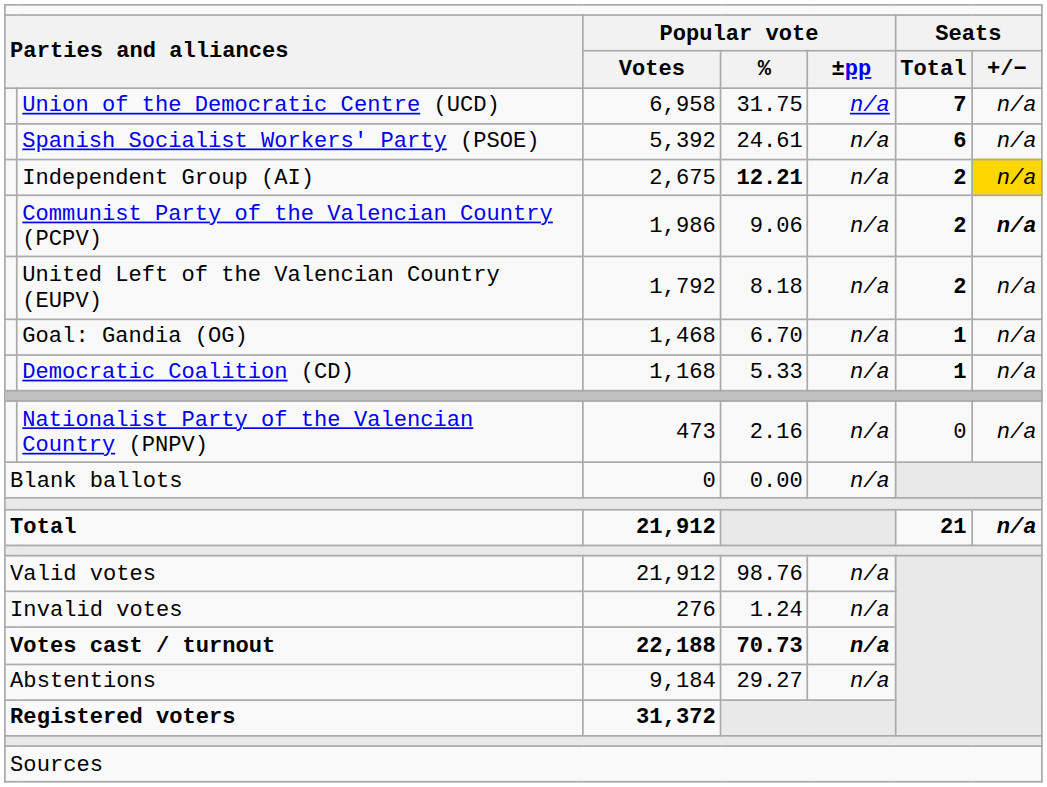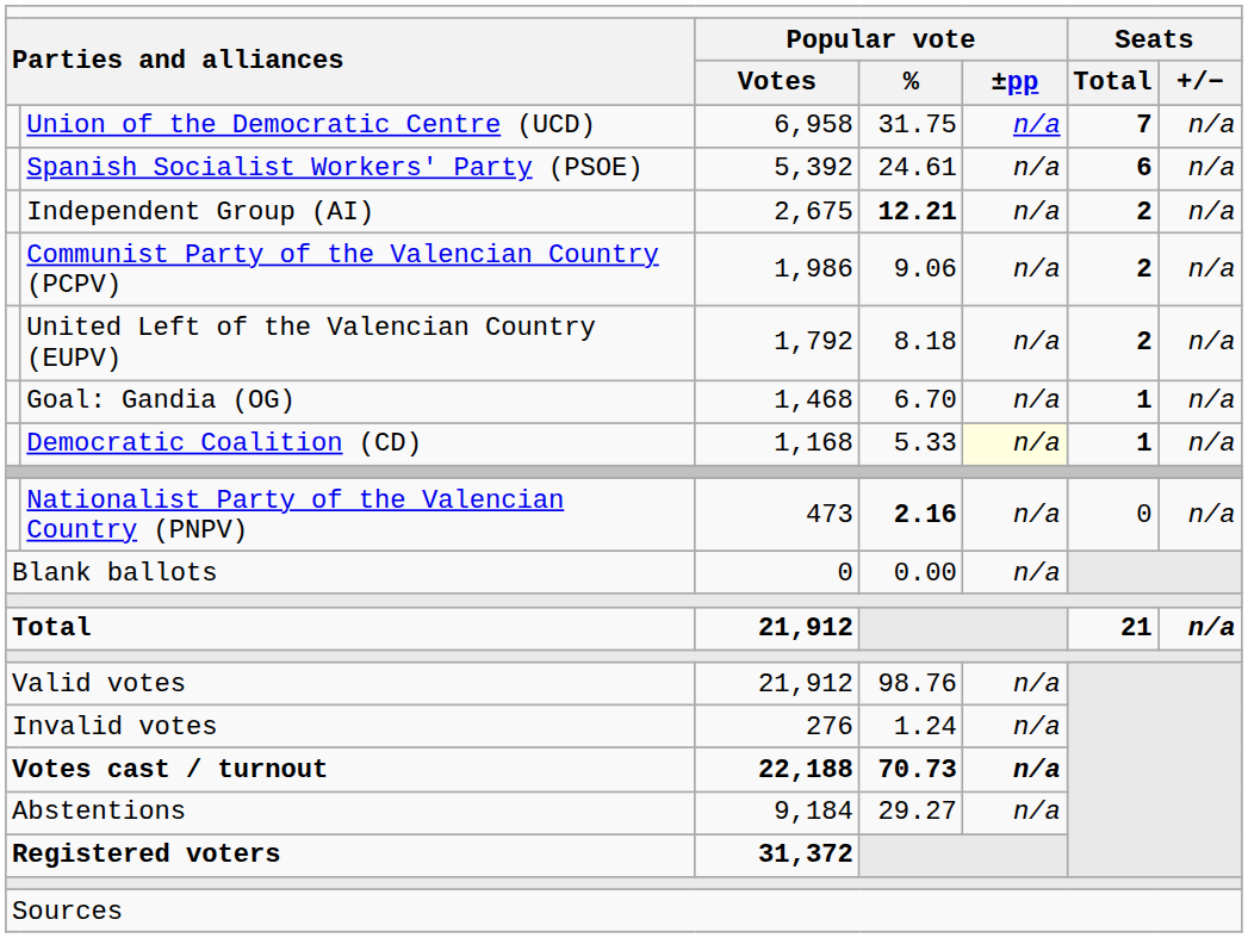 <table class="wikitable" style="text-align:right;">
 <tr>
 <td colspan="7"></td>
 </tr>
 <tr>
 <th style="text-align:left;" rowspan="2" colspan="2" width="525">Parties and alliances</th>
 <th colspan="3">Popular vote</th>
 <th colspan="2">Seats</th>
 </tr>
 <tr>
 <th width="75">Votes</th>
 <th width="45">%</th>
 <th width="45">±<a href='#'>pp</a></th>
 <th width="35">Total</th>
 <th width="35">+/−</th>
 </tr>
 <tr>
 <td width="1" style="color:inherit;background:"></td>
 <td align="left"><a href='#'>Union of the Democratic Centre</a> (UCD)</td>
 <td>6,958</td>
 <td>31.75</td>
 <td><em><a href='#'>n/a</a></em></td>
 <td><strong>7</strong></td>
 <td><em>n/a</em></td>
 </tr>
 <tr>
 <td style="color:inherit;background:"></td>
 <td align="left"><a href='#'>Spanish Socialist Workers' Party</a> (PSOE)</td>
 <td>5,392</td>
 <td>24.61</td>
 <td><em>n/a</em></td>
 <td><strong>6</strong></td>
 <td><em>n/a</em></td>
 </tr>
 <tr>
 <td style="color:inherit;background:"></td>
 <td align="left">Independent Group (AI)</td>
 <td>2,675</td>
 <td><strong>12.21</strong></td>
 <td><em>n/a</em></td>
 <td><strong>2</strong></td>
-<td style="background: gold;"><em>n/a</em></td>
+<td><em>n/a</em></td>
 </tr>
 <tr>
 <td style="color:inherit;background:"></td>
 <td align="left"><a href='#'>Communist Party of the Valencian Country</a> (PCPV)</td>
 <td>1,986</td>
 <td>9.06</td>
 <td><em>n/a</em></td>
 <td><strong>2</strong></td>
-<td><strong><em>n/a</em></strong></td>
+<td><em>n/a</em></td>
 </tr>
 <tr>
 <td style="color:inherit;background:"></td>
 <td align="left">United Left of the Valencian Country (EUPV)</td>
 <td>1,792</td>
 <td>8.18</td>
 <td><em>n/a</em></td>
 <td><strong>2</strong></td>
 <td><em>n/a</em></td>
 </tr>
 <tr>
 <td style="color:inherit;background:"></td>
 <td align="left">Goal: Gandia (OG)</td>
 <td>1,468</td>
 <td>6.70</td>
 <td><em>n/a</em></td>
 <td><strong>1</strong></td>
 <td><em>n/a</em></td>
 </tr>
 <tr>
 <td style="color:inherit;background:"></td>
 <td align="left"><a href='#'>Democratic Coalition</a> (CD)</td>
 <td>1,168</td>
 <td>5.33</td>
-<td><em>n/a</em></td>
+<td style="background: lightyellow;"><em>n/a</em></td>
 <td><strong>1</strong></td>
 <td><em>n/a</em></td>
 </tr>
 <tr>
 <td colspan="7" bgcolor="#C0C0C0"></td>
 </tr>
 <tr>
 <td style="color:inherit;background:"></td>
 <td align="left"><a href='#'>Nationalist Party of the Valencian Country</a> (PNPV)</td>
 <td>473</td>
-<td>2.16</td>
+<td><strong>2.16</strong></td>
 <td><em>n/a</em></td>
 <td>0</td>
 <td><em>n/a</em></td>
 </tr>
 <tr>
 <td align="left" colspan="2">Blank ballots</td>
 <td>0</td>
 <td>0.00</td>
 <td><em>n/a</em></td>
 <td bgcolor="#E9E9E9" colspan="2"></td>
 </tr>
 <tr>
 <td colspan="7" bgcolor="#E9E9E9"></td>
 </tr>
 <tr style="font-weight:bold;">
 <td align="left" colspan="2">Total</td>
 <td>21,912</td>
 <td bgcolor="#E9E9E9" colspan="2"></td>
 <td>21</td>
 <td><em>n/a</em></td>
 </tr>
 <tr>
 <td colspan="7" bgcolor="#E9E9E9"></td>
 </tr>
 <tr>
 <td align="left" colspan="2">Valid votes</td>
 <td>21,912</td>
 <td>98.76</td>
 <td><em>n/a</em></td>
 <td bgcolor="#E9E9E9" colspan="2" rowspan="5"></td>
 </tr>
 <tr>
 <td align="left" colspan="2">Invalid votes</td>
 <td>276</td>
 <td>1.24</td>
 <td><em>n/a</em></td>
 </tr>
 <tr style="font-weight:bold;">
 <td align="left" colspan="2">Votes cast / turnout</td>
 <td>22,188</td>
 <td>70.73</td>
 <td><em>n/a</em></td>
 </tr>
 <tr>
 <td align="left" colspan="2">Abstentions</td>
 <td>9,184</td>
 <td>29.27</td>
 <td><em>n/a</em></td>
 </tr>
 <tr style="font-weight:bold;">
 <td align="left" colspan="2">Registered voters</td>
 <td>31,372</td>
 <td bgcolor="#E9E9E9" colspan="2"></td>
 </tr>
 <tr>
 <td colspan="7" bgcolor="#E9E9E9"></td>
 </tr>
 <tr>
 <td align="left" colspan="7">Sources</td>
 </tr>
 </table>
